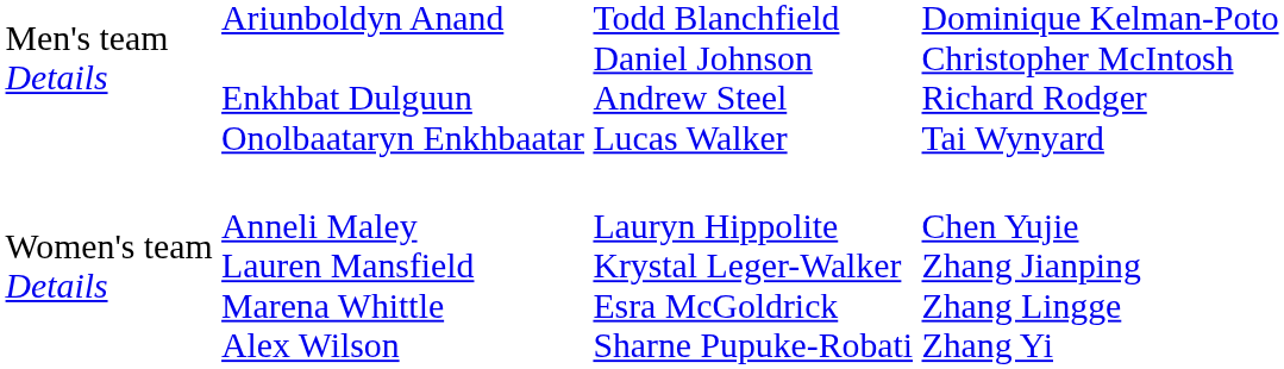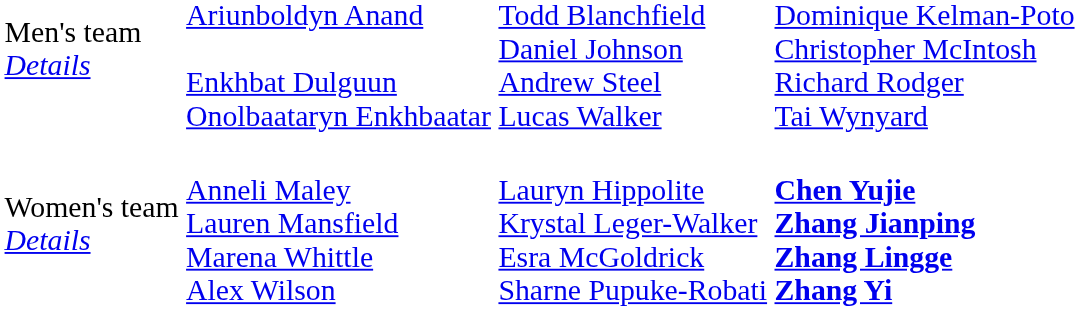 <table>
 <tr>
 <td>Men's team<br><em><a href='#'>Details</a></em></td>
 <td><br><a href='#'>Ariunboldyn Anand</a><br><br><a href='#'>Enkhbat Dulguun</a><br><a href='#'>Onolbaataryn Enkhbaatar</a></td>
 <td><br><a href='#'>Todd Blanchfield</a><br><a href='#'>Daniel Johnson</a><br><a href='#'>Andrew Steel</a><br><a href='#'>Lucas Walker</a></td>
 <td><br><a href='#'>Dominique Kelman-Poto</a><br><a href='#'>Christopher McIntosh</a><br><a href='#'>Richard Rodger</a><br><a href='#'>Tai Wynyard</a></td>
 </tr>
 <tr>
 <td>Women's team<br><em><a href='#'>Details</a></em></td>
 <td><br><a href='#'>Anneli Maley</a><br><a href='#'>Lauren Mansfield</a><br><a href='#'>Marena Whittle</a><br><a href='#'>Alex Wilson</a></td>
 <td><br><a href='#'>Lauryn Hippolite</a><br><a href='#'>Krystal Leger-Walker</a><br><a href='#'>Esra McGoldrick</a><br><a href='#'>Sharne Pupuke-Robati</a></td>
-<td><br><a href='#'>Chen Yujie</a><br><a href='#'>Zhang Jianping</a><br><a href='#'>Zhang Lingge</a><br><a href='#'>Zhang Yi</a></td>
+<td><strong><br><a href='#'>Chen Yujie</a><br><a href='#'>Zhang Jianping</a><br><a href='#'>Zhang Lingge</a><br><a href='#'>Zhang Yi</a></strong></td>
 </tr>
 </table>
